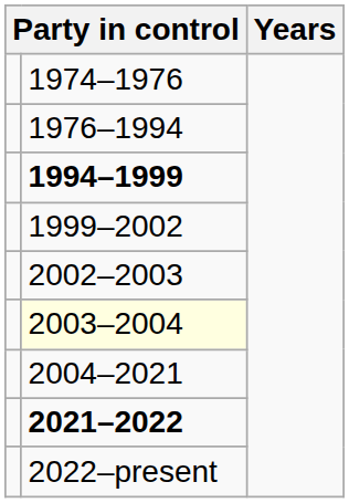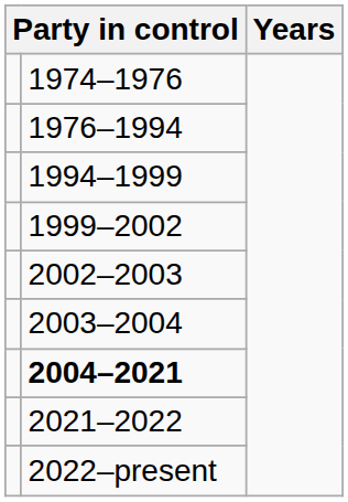 <table class="wikitable">
 <tr>
 <th colspan="2">Party in control</th>
 <th>Years</th>
 </tr>
 <tr>
 <td></td>
 <td>1974–1976</td>
 </tr>
 <tr>
 <td></td>
 <td>1976–1994</td>
 </tr>
 <tr>
 <td></td>
-<td><strong>1994–1999</strong></td>
+<td>1994–1999</td>
 </tr>
 <tr>
 <td></td>
 <td>1999–2002</td>
 </tr>
 <tr>
 <td></td>
 <td>2002–2003</td>
 </tr>
 <tr>
 <td></td>
-<td style="background: lightyellow;">2003–2004</td>
+<td>2003–2004</td>
 </tr>
 <tr>
 <td></td>
-<td>2004–2021</td>
+<td><strong>2004–2021</strong></td>
 </tr>
 <tr>
 <td></td>
-<td><strong>2021–2022</strong></td>
+<td>2021–2022</td>
 </tr>
 <tr>
 <td></td>
 <td>2022–present</td>
 </tr>
 </table>
